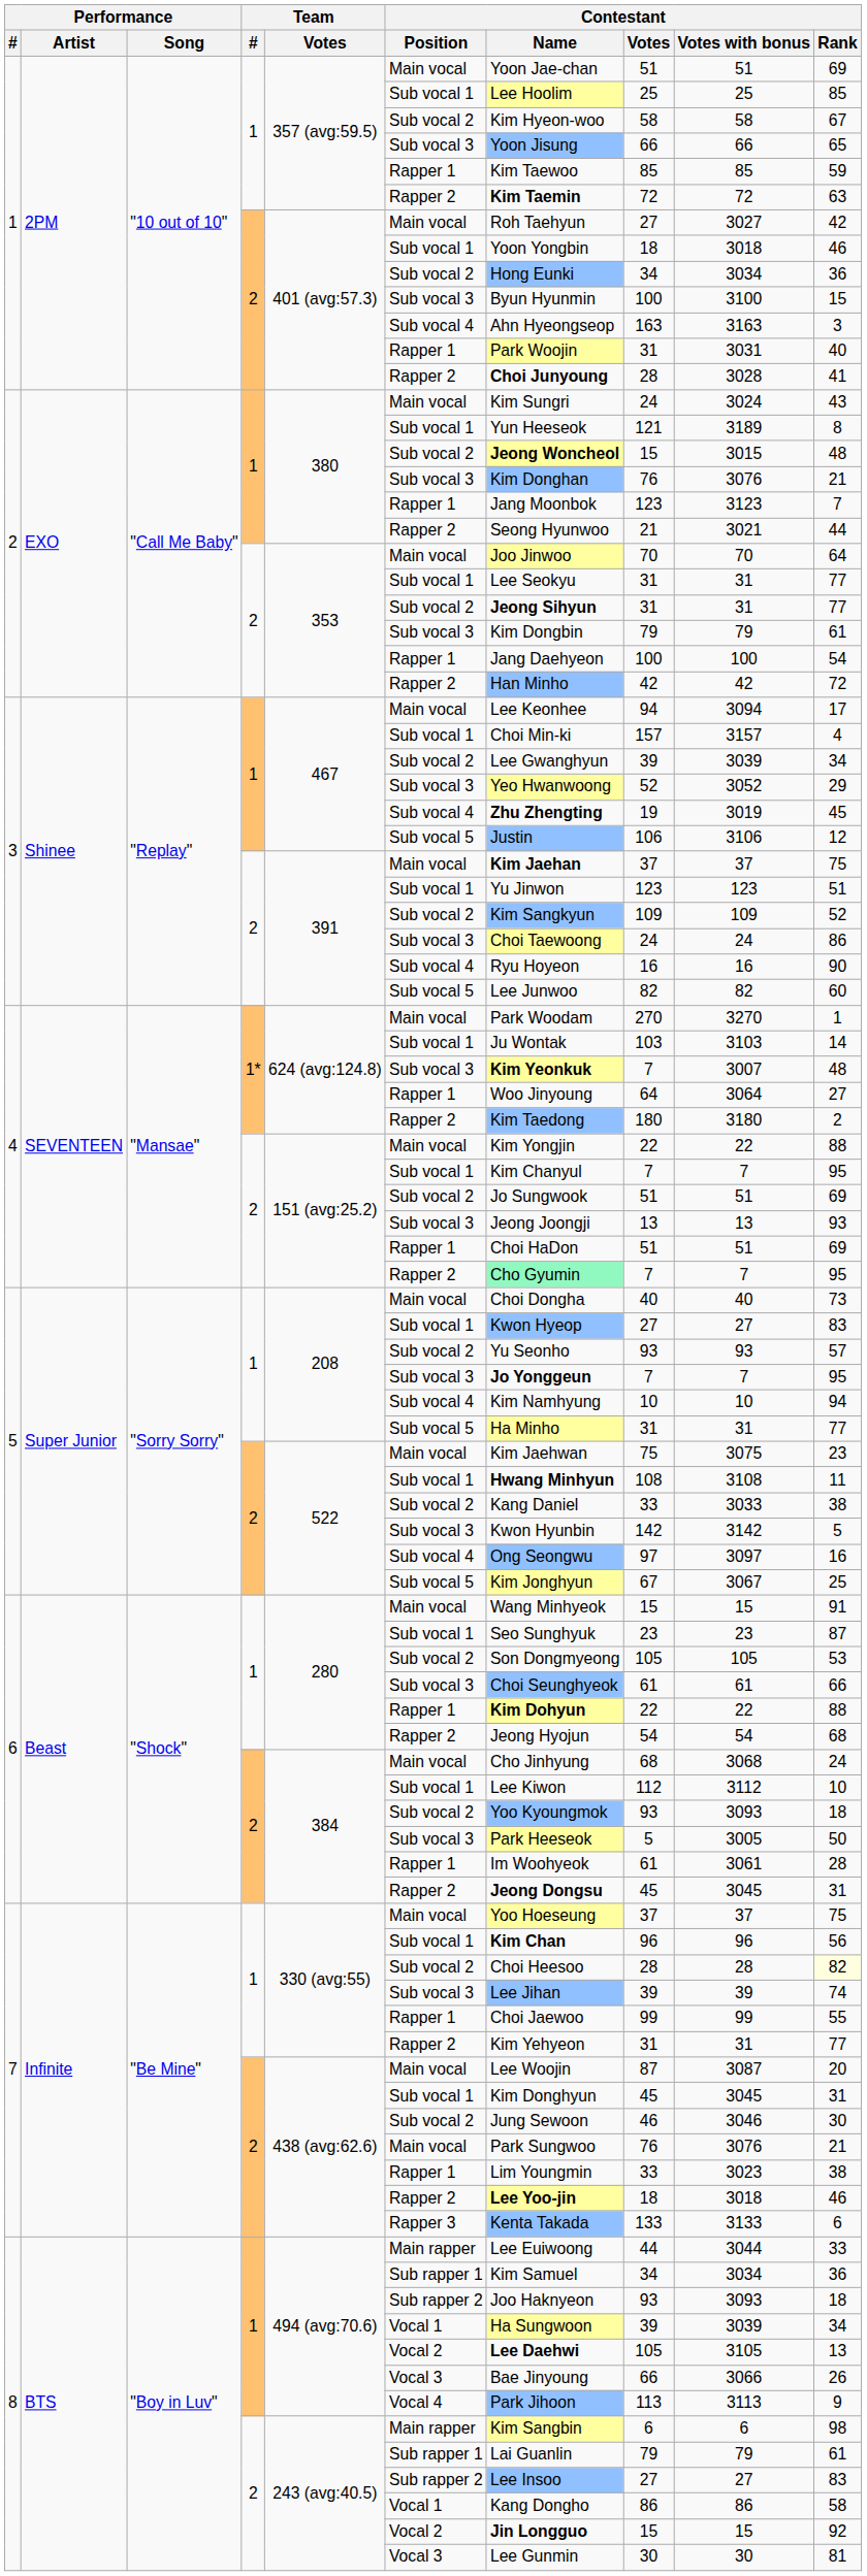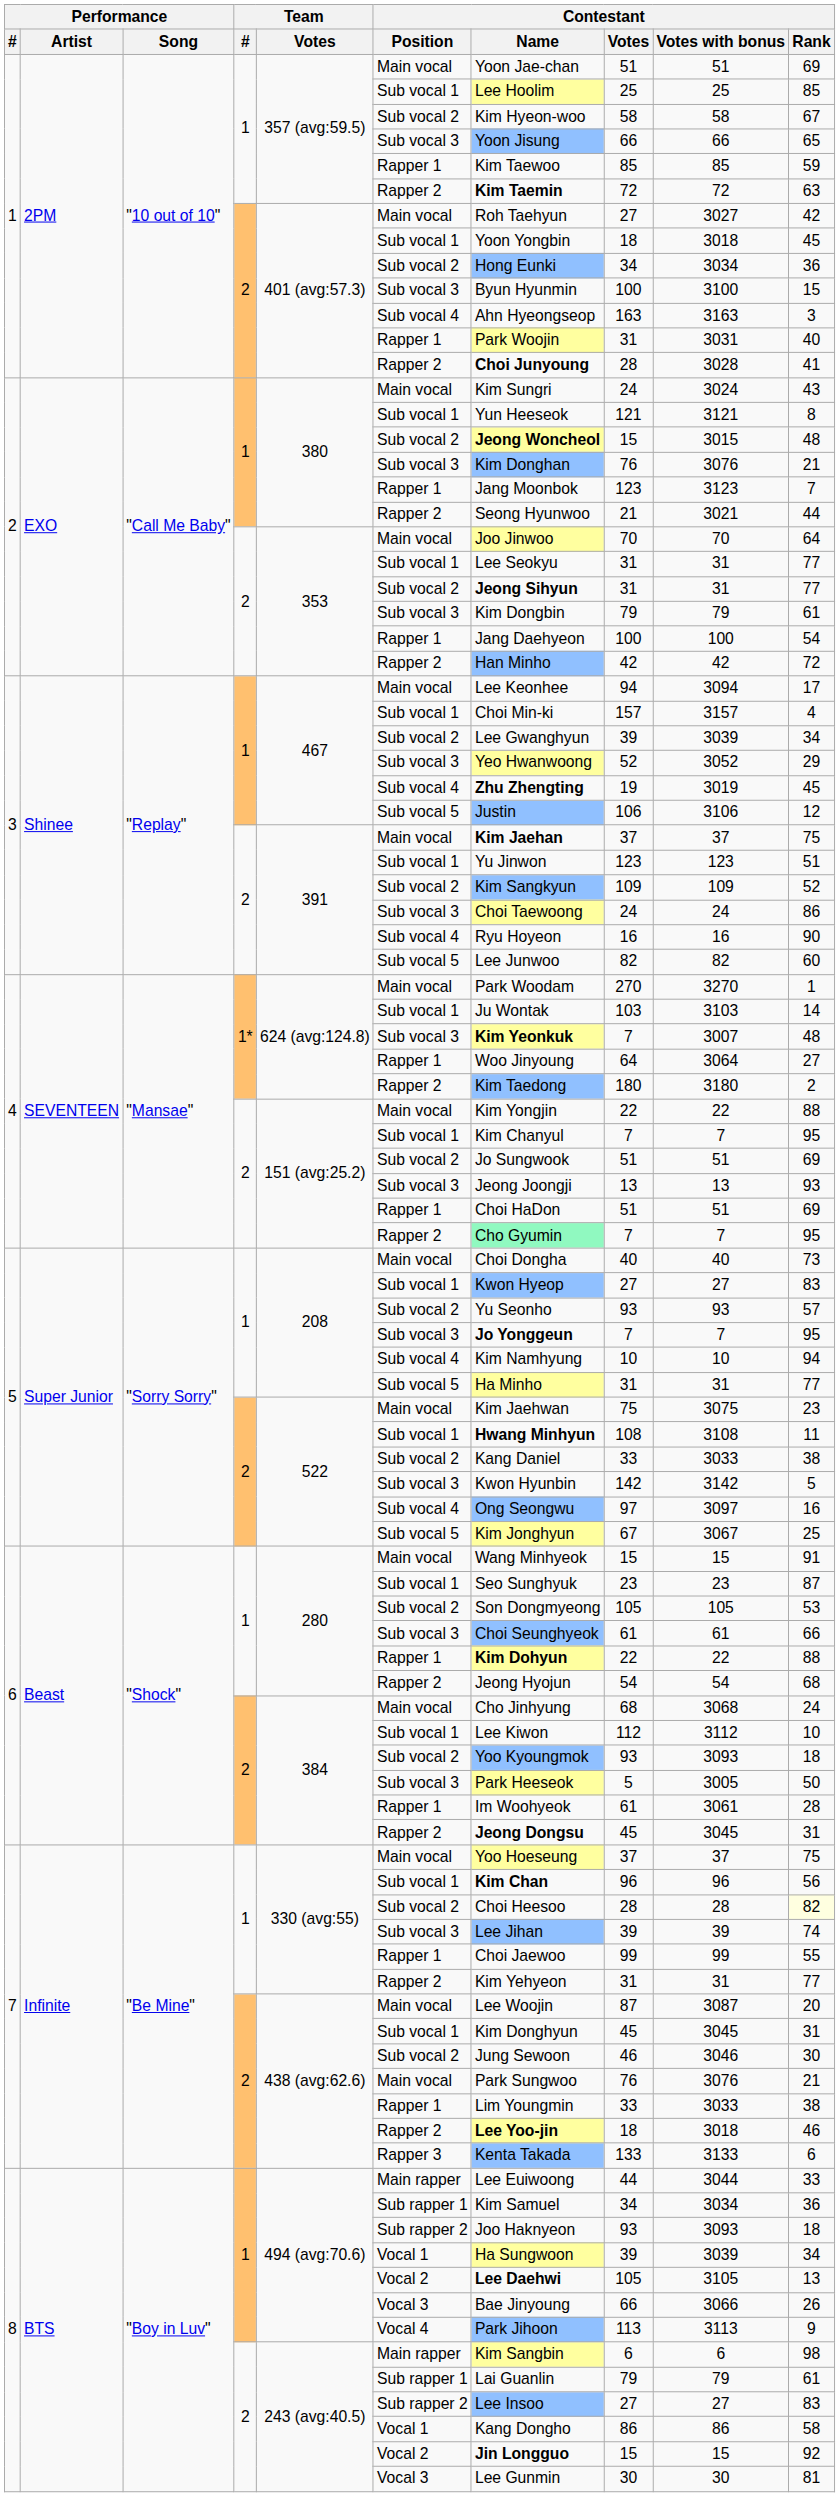 <table class="wikitable sortable" style="text-align:center;">
 <tr>
 <th colspan=3>Performance</th>
 <th colspan=2>Team</th>
 <th colspan=5>Contestant</th>
 </tr>
 <tr>
 <th>#</th>
 <th class=unsortable>Artist</th>
 <th class=unsortable>Song</th>
 <th class=unsortable>#</th>
 <th>Votes</th>
 <th>Position</th>
 <th>Name</th>
 <th>Votes</th>
 <th>Votes with bonus</th>
 <th>Rank</th>
 </tr>
 <tr>
 <td rowspan=13>1</td>
 <td rowspan=13 align=left><a href='#'>2PM</a></td>
 <td rowspan=13 align=left>"<a href='#'>10 out of 10</a>"</td>
 <td rowspan=6>1</td>
 <td rowspan=6>357 (avg:59.5)</td>
 <td align=left>Main vocal</td>
 <td align=left>Yoon Jae-chan</td>
 <td>51</td>
 <td>51</td>
 <td>69</td>
 </tr>
 <tr>
 <td align=left>Sub vocal 1</td>
 <td align=left style=background:#FFFF9F;>Lee Hoolim</td>
 <td>25</td>
 <td>25</td>
 <td>85</td>
 </tr>
 <tr>
 <td align=left>Sub vocal 2</td>
 <td align=left>Kim Hyeon-woo</td>
 <td>58</td>
 <td>58</td>
 <td>67</td>
 </tr>
 <tr>
 <td align=left>Sub vocal 3</td>
 <td align=left style=background:#90C0FF;>Yoon Jisung</td>
 <td>66</td>
 <td>66</td>
 <td>65</td>
 </tr>
 <tr>
 <td align=left>Rapper 1</td>
 <td align=left>Kim Taewoo</td>
 <td>85</td>
 <td>85</td>
 <td>59</td>
 </tr>
 <tr>
 <td align=left>Rapper 2</td>
 <td align=left><strong>Kim Taemin</strong></td>
 <td>72</td>
 <td>72</td>
 <td>63</td>
 </tr>
 <tr>
 <td rowspan=7 style=background:#FFC06F;>2</td>
 <td rowspan=7>401 (avg:57.3)</td>
 <td align=left>Main vocal</td>
 <td align=left>Roh Taehyun</td>
 <td>27</td>
 <td>3027</td>
 <td>42</td>
 </tr>
 <tr>
 <td align=left>Sub vocal 1</td>
 <td align=left>Yoon Yongbin</td>
 <td>18</td>
 <td>3018</td>
-<td>46</td>
+<td>45</td>
 </tr>
 <tr>
 <td align=left>Sub vocal 2</td>
 <td align=left style=background:#90C0FF;>Hong Eunki</td>
 <td>34</td>
 <td>3034</td>
 <td>36</td>
 </tr>
 <tr>
 <td align=left>Sub vocal 3</td>
 <td align=left>Byun Hyunmin</td>
 <td>100</td>
 <td>3100</td>
 <td>15</td>
 </tr>
 <tr>
 <td align=left>Sub vocal 4</td>
 <td align=left>Ahn Hyeongseop</td>
 <td>163</td>
 <td>3163</td>
 <td>3</td>
 </tr>
 <tr>
 <td align=left>Rapper 1</td>
 <td align=left style=background:#FFFF9F;>Park Woojin</td>
 <td>31</td>
 <td>3031</td>
 <td>40</td>
 </tr>
 <tr>
 <td align=left>Rapper 2</td>
 <td align=left><strong>Choi Junyoung</strong></td>
 <td>28</td>
 <td>3028</td>
 <td>41</td>
 </tr>
 <tr>
 <td rowspan=12>2</td>
 <td rowspan=12 align=left><a href='#'>EXO</a></td>
 <td rowspan=12 align=left>"<a href='#'>Call Me Baby</a>"</td>
 <td rowspan=6 style=background:#FFC06F;>1</td>
 <td rowspan=6>380</td>
 <td align=left>Main vocal</td>
 <td align=left>Kim Sungri</td>
 <td>24</td>
 <td>3024</td>
 <td>43</td>
 </tr>
 <tr>
 <td align=left>Sub vocal 1</td>
 <td align=left>Yun Heeseok</td>
 <td>121</td>
-<td>3189</td>
+<td>3121</td>
 <td>8</td>
 </tr>
 <tr>
 <td align=left>Sub vocal 2</td>
 <td align=left style=background:#FFFF9F;><strong>Jeong Woncheol</strong></td>
 <td>15</td>
 <td>3015</td>
 <td>48</td>
 </tr>
 <tr>
 <td align=left>Sub vocal 3</td>
 <td align=left style=background:#90C0FF;>Kim Donghan</td>
 <td>76</td>
 <td>3076</td>
 <td>21</td>
 </tr>
 <tr>
 <td align=left>Rapper 1</td>
 <td align=left>Jang Moonbok</td>
 <td>123</td>
 <td>3123</td>
 <td>7</td>
 </tr>
 <tr>
 <td align=left>Rapper 2</td>
 <td align=left>Seong Hyunwoo</td>
 <td>21</td>
 <td>3021</td>
 <td>44</td>
 </tr>
 <tr>
 <td rowspan=6>2</td>
 <td rowspan=6>353</td>
 <td align=left>Main vocal</td>
 <td align=left style=background:#FFFF9F;>Joo Jinwoo</td>
 <td>70</td>
 <td>70</td>
 <td>64</td>
 </tr>
 <tr>
 <td align=left>Sub vocal 1</td>
 <td align=left>Lee Seokyu</td>
 <td>31</td>
 <td>31</td>
 <td>77</td>
 </tr>
 <tr>
 <td align=left>Sub vocal 2</td>
 <td align=left><strong>Jeong Sihyun</strong></td>
 <td>31</td>
 <td>31</td>
 <td>77</td>
 </tr>
 <tr>
 <td align=left>Sub vocal 3</td>
 <td align=left>Kim Dongbin</td>
 <td>79</td>
 <td>79</td>
 <td>61</td>
 </tr>
 <tr>
 <td align=left>Rapper 1</td>
 <td align=left>Jang Daehyeon</td>
 <td>100</td>
 <td>100</td>
 <td>54</td>
 </tr>
 <tr>
 <td align=left>Rapper 2</td>
 <td align=left style=background:#90C0FF;>Han Minho</td>
 <td>42</td>
 <td>42</td>
 <td>72</td>
 </tr>
 <tr>
 <td rowspan=12>3</td>
 <td rowspan=12 align=left><a href='#'>Shinee</a></td>
 <td rowspan=12 align=left>"<a href='#'>Replay</a>"</td>
 <td rowspan=6 style=background:#FFC06F;>1</td>
 <td rowspan=6>467</td>
 <td align=left>Main vocal</td>
 <td align=left>Lee Keonhee</td>
 <td>94</td>
 <td>3094</td>
 <td>17</td>
 </tr>
 <tr>
 <td align=left>Sub vocal 1</td>
 <td align=left>Choi Min-ki</td>
 <td>157</td>
 <td>3157</td>
 <td>4</td>
 </tr>
 <tr>
 <td align=left>Sub vocal 2</td>
 <td align=left>Lee Gwanghyun</td>
 <td>39</td>
 <td>3039</td>
 <td>34</td>
 </tr>
 <tr>
 <td align=left>Sub vocal 3</td>
 <td align=left style=background:#FFFF9F;>Yeo Hwanwoong</td>
 <td>52</td>
 <td>3052</td>
 <td>29</td>
 </tr>
 <tr>
 <td align=left>Sub vocal 4</td>
 <td align=left><strong>Zhu Zhengting</strong></td>
 <td>19</td>
 <td>3019</td>
 <td>45</td>
 </tr>
 <tr>
 <td align=left>Sub vocal 5</td>
 <td align=left style=background:#90C0FF;>Justin</td>
 <td>106</td>
 <td>3106</td>
 <td>12</td>
 </tr>
 <tr>
 <td rowspan=6>2</td>
 <td rowspan=6>391</td>
 <td align=left>Main vocal</td>
 <td align=left><strong>Kim Jaehan</strong></td>
 <td>37</td>
 <td>37</td>
 <td>75</td>
 </tr>
 <tr>
 <td align=left>Sub vocal 1</td>
 <td align=left>Yu Jinwon</td>
 <td>123</td>
 <td>123</td>
 <td>51</td>
 </tr>
 <tr>
 <td align=left>Sub vocal 2</td>
 <td align=left style=background:#90C0FF;>Kim Sangkyun</td>
 <td>109</td>
 <td>109</td>
 <td>52</td>
 </tr>
 <tr>
 <td align=left>Sub vocal 3</td>
 <td align=left style=background:#FFFF9F;>Choi Taewoong</td>
 <td>24</td>
 <td>24</td>
 <td>86</td>
 </tr>
 <tr>
 <td align=left>Sub vocal 4</td>
 <td align=left>Ryu Hoyeon</td>
 <td>16</td>
 <td>16</td>
 <td>90</td>
 </tr>
 <tr>
 <td align=left>Sub vocal 5</td>
 <td align=left>Lee Junwoo</td>
 <td>82</td>
 <td>82</td>
 <td>60</td>
 </tr>
 <tr>
 <td rowspan=11>4</td>
 <td rowspan=11 align=left><a href='#'>SEVENTEEN</a></td>
 <td rowspan=11 align=left>"<a href='#'>Mansae</a>"</td>
 <td rowspan=5 style=background:#FFC06F;>1*</td>
 <td rowspan=5>624 (avg:124.8)</td>
 <td align=left>Main vocal</td>
 <td align=left>Park Woodam</td>
 <td>270</td>
 <td>3270</td>
 <td>1</td>
 </tr>
 <tr>
 <td align=left>Sub vocal 1</td>
 <td align=left>Ju Wontak</td>
 <td>103</td>
 <td>3103</td>
 <td>14</td>
 </tr>
 <tr>
 <td align=left>Sub vocal 3</td>
 <td align=left style=background:#FFFF9F;><strong>Kim Yeonkuk</strong></td>
 <td>7</td>
 <td>3007</td>
 <td>48</td>
 </tr>
 <tr>
 <td align=left>Rapper 1</td>
 <td align=left>Woo Jinyoung</td>
 <td>64</td>
 <td>3064</td>
 <td>27</td>
 </tr>
 <tr>
 <td align=left>Rapper 2</td>
 <td align=left style=background:#90C0FF;>Kim Taedong</td>
 <td>180</td>
 <td>3180</td>
 <td>2</td>
 </tr>
 <tr>
 <td rowspan=6>2</td>
 <td rowspan=6>151 (avg:25.2)</td>
 <td align=left>Main vocal</td>
 <td align=left>Kim Yongjin</td>
 <td>22</td>
 <td>22</td>
 <td>88</td>
 </tr>
 <tr>
 <td align=left>Sub vocal 1</td>
 <td align=left>Kim Chanyul</td>
 <td>7</td>
 <td>7</td>
 <td>95</td>
 </tr>
 <tr>
 <td align=left>Sub vocal 2</td>
 <td align=left>Jo Sungwook</td>
 <td>51</td>
 <td>51</td>
 <td>69</td>
 </tr>
 <tr>
 <td align=left>Sub vocal 3</td>
 <td align=left>Jeong Joongji</td>
 <td>13</td>
 <td>13</td>
 <td>93</td>
 </tr>
 <tr>
 <td align=left>Rapper 1</td>
 <td align=left>Choi HaDon</td>
 <td>51</td>
 <td>51</td>
 <td>69</td>
 </tr>
 <tr>
 <td align=left>Rapper 2</td>
 <td align=left style=background:#90F9C0;>Cho Gyumin</td>
 <td>7</td>
 <td>7</td>
 <td>95</td>
 </tr>
 <tr>
 <td rowspan=12>5</td>
 <td rowspan=12 align=left><a href='#'>Super Junior</a></td>
 <td rowspan=12 align=left>"<a href='#'>Sorry Sorry</a>"</td>
 <td rowspan=6>1</td>
 <td rowspan=6>208</td>
 <td align=left>Main vocal</td>
 <td align=left>Choi Dongha</td>
 <td>40</td>
 <td>40</td>
 <td>73</td>
 </tr>
 <tr>
 <td align=left>Sub vocal 1</td>
 <td align=left style=background:#90C0FF;>Kwon Hyeop</td>
 <td>27</td>
 <td>27</td>
 <td>83</td>
 </tr>
 <tr>
 <td align=left>Sub vocal 2</td>
 <td align=left>Yu Seonho</td>
 <td>93</td>
 <td>93</td>
 <td>57</td>
 </tr>
 <tr>
 <td align=left>Sub vocal 3</td>
 <td align=left><strong>Jo Yonggeun</strong></td>
 <td>7</td>
 <td>7</td>
 <td>95</td>
 </tr>
 <tr>
 <td align=left>Sub vocal 4</td>
 <td align=left>Kim Namhyung</td>
 <td>10</td>
 <td>10</td>
 <td>94</td>
 </tr>
 <tr>
 <td align=left>Sub vocal 5</td>
 <td align=left style=background:#FFFF9F;>Ha Minho</td>
 <td>31</td>
 <td>31</td>
 <td>77</td>
 </tr>
 <tr>
 <td rowspan=6 style=background:#FFC06F;>2</td>
 <td rowspan=6>522</td>
 <td align=left>Main vocal</td>
 <td align=left>Kim Jaehwan</td>
 <td>75</td>
 <td>3075</td>
 <td>23</td>
 </tr>
 <tr>
 <td align=left>Sub vocal 1</td>
 <td align=left><strong>Hwang Minhyun</strong></td>
 <td>108</td>
 <td>3108</td>
 <td>11</td>
 </tr>
 <tr>
 <td align=left>Sub vocal 2</td>
 <td align=left>Kang Daniel</td>
 <td>33</td>
 <td>3033</td>
 <td>38</td>
 </tr>
 <tr>
 <td align=left>Sub vocal 3</td>
 <td align=left>Kwon Hyunbin</td>
 <td>142</td>
 <td>3142</td>
 <td>5</td>
 </tr>
 <tr>
 <td align=left>Sub vocal 4</td>
 <td align=left style=background:#90C0FF;>Ong Seongwu</td>
 <td>97</td>
 <td>3097</td>
 <td>16</td>
 </tr>
 <tr>
 <td align=left>Sub vocal 5</td>
 <td align=left style=background:#FFFF9F;>Kim Jonghyun</td>
 <td>67</td>
 <td>3067</td>
 <td>25</td>
 </tr>
 <tr>
 <td rowspan=12>6</td>
 <td rowspan=12 align=left><a href='#'>Beast</a></td>
 <td rowspan=12 align=left>"<a href='#'>Shock</a>"</td>
 <td rowspan=6>1</td>
 <td rowspan=6>280</td>
 <td align=left>Main vocal</td>
 <td align=left>Wang Minhyeok</td>
 <td>15</td>
 <td>15</td>
 <td>91</td>
 </tr>
 <tr>
 <td align=left>Sub vocal 1</td>
 <td align=left>Seo Sunghyuk</td>
 <td>23</td>
 <td>23</td>
 <td>87</td>
 </tr>
 <tr>
 <td align=left>Sub vocal 2</td>
 <td align=left>Son Dongmyeong</td>
 <td>105</td>
 <td>105</td>
 <td>53</td>
 </tr>
 <tr>
 <td align=left>Sub vocal 3</td>
 <td align=left style=background:#90C0FF;>Choi Seunghyeok</td>
 <td>61</td>
 <td>61</td>
 <td>66</td>
 </tr>
 <tr>
 <td align=left>Rapper 1</td>
 <td align=left style=background:#FFFF9F;><strong>Kim Dohyun</strong></td>
 <td>22</td>
 <td>22</td>
 <td>88</td>
 </tr>
 <tr>
 <td align=left>Rapper 2</td>
 <td align=left>Jeong Hyojun</td>
 <td>54</td>
 <td>54</td>
 <td>68</td>
 </tr>
 <tr>
 <td rowspan=6 style=background:#FFC06F;>2</td>
 <td rowspan=6>384</td>
 <td align=left>Main vocal</td>
 <td align=left>Cho Jinhyung</td>
 <td>68</td>
 <td>3068</td>
 <td>24</td>
 </tr>
 <tr>
 <td align=left>Sub vocal 1</td>
 <td align=left>Lee Kiwon</td>
 <td>112</td>
 <td>3112</td>
 <td>10</td>
 </tr>
 <tr>
 <td align=left>Sub vocal 2</td>
 <td align=left style=background:#90C0FF;>Yoo Kyoungmok</td>
 <td>93</td>
 <td>3093</td>
 <td>18</td>
 </tr>
 <tr>
 <td align=left>Sub vocal 3</td>
 <td align=left style=background:#FFFF9F;>Park Heeseok</td>
 <td>5</td>
 <td>3005</td>
 <td>50</td>
 </tr>
 <tr>
 <td align=left>Rapper 1</td>
 <td align=left>Im Woohyeok</td>
 <td>61</td>
 <td>3061</td>
 <td>28</td>
 </tr>
 <tr>
 <td align=left>Rapper 2</td>
 <td align=left><strong>Jeong Dongsu</strong></td>
 <td>45</td>
 <td>3045</td>
 <td>31</td>
 </tr>
 <tr>
 <td rowspan=13>7</td>
 <td rowspan=13 align=left><a href='#'>Infinite</a></td>
 <td rowspan=13 align=left>"<a href='#'>Be Mine</a>"</td>
 <td rowspan=6>1</td>
 <td rowspan=6>330 (avg:55)</td>
 <td align=left>Main vocal</td>
 <td align=left style=background:#FFFF9F;>Yoo Hoeseung</td>
 <td>37</td>
 <td>37</td>
 <td>75</td>
 </tr>
 <tr>
 <td align=left>Sub vocal 1</td>
 <td align=left><strong>Kim Chan</strong></td>
 <td>96</td>
 <td>96</td>
 <td>56</td>
 </tr>
 <tr>
 <td align=left>Sub vocal 2</td>
 <td align=left>Choi Heesoo</td>
 <td>28</td>
 <td>28</td>
 <td style="background: lightyellow;">82</td>
 </tr>
 <tr>
 <td align=left>Sub vocal 3</td>
 <td align=left style=background:#90C0FF;>Lee Jihan</td>
 <td>39</td>
 <td>39</td>
 <td>74</td>
 </tr>
 <tr>
 <td align=left>Rapper 1</td>
 <td align=left>Choi Jaewoo</td>
 <td>99</td>
 <td>99</td>
 <td>55</td>
 </tr>
 <tr>
 <td align=left>Rapper 2</td>
 <td align=left>Kim Yehyeon</td>
 <td>31</td>
 <td>31</td>
 <td>77</td>
 </tr>
 <tr>
 <td rowspan=7 style=background:#FFC06F;>2</td>
 <td rowspan=7>438 (avg:62.6)</td>
 <td align=left>Main vocal</td>
 <td align=left>Lee Woojin</td>
 <td>87</td>
 <td>3087</td>
 <td>20</td>
 </tr>
 <tr>
 <td align=left>Sub vocal 1</td>
 <td align=left>Kim Donghyun</td>
 <td>45</td>
 <td>3045</td>
 <td>31</td>
 </tr>
 <tr>
 <td align=left>Sub vocal 2</td>
 <td align=left>Jung Sewoon</td>
 <td>46</td>
 <td>3046</td>
 <td>30</td>
 </tr>
 <tr>
 <td align=left>Main vocal</td>
 <td align=left>Park Sungwoo</td>
 <td>76</td>
 <td>3076</td>
 <td>21</td>
 </tr>
 <tr>
 <td align=left>Rapper 1</td>
 <td align=left>Lim Youngmin</td>
 <td>33</td>
-<td>3023</td>
+<td>3033</td>
 <td>38</td>
 </tr>
 <tr>
 <td align=left>Rapper 2</td>
 <td align=left style=background:#FFFF9F;><strong>Lee Yoo-jin</strong></td>
 <td>18</td>
 <td>3018</td>
 <td>46</td>
 </tr>
 <tr>
 <td align=left>Rapper 3</td>
 <td align=left style=background:#90C0FF;>Kenta Takada</td>
 <td>133</td>
 <td>3133</td>
 <td>6</td>
 </tr>
 <tr>
 <td rowspan=13>8</td>
 <td rowspan=13 align=left><a href='#'>BTS</a></td>
 <td rowspan=13 align=left>"<a href='#'>Boy in Luv</a>"</td>
 <td rowspan=7 style=background:#FFC06F;>1</td>
 <td rowspan=7>494 (avg:70.6)</td>
 <td align=left>Main rapper</td>
 <td align=left>Lee Euiwoong</td>
 <td>44</td>
 <td>3044</td>
 <td>33</td>
 </tr>
 <tr>
 <td align=left>Sub rapper 1</td>
 <td align=left>Kim Samuel</td>
 <td>34</td>
 <td>3034</td>
 <td>36</td>
 </tr>
 <tr>
 <td align=left>Sub rapper 2</td>
 <td align=left>Joo Haknyeon</td>
 <td>93</td>
 <td>3093</td>
 <td>18</td>
 </tr>
 <tr>
 <td align=left>Vocal 1</td>
 <td align=left style=background:#FFFF9F;>Ha Sungwoon</td>
 <td>39</td>
 <td>3039</td>
 <td>34</td>
 </tr>
 <tr>
 <td align=left>Vocal 2</td>
 <td align=left><strong>Lee Daehwi</strong></td>
 <td>105</td>
 <td>3105</td>
 <td>13</td>
 </tr>
 <tr>
 <td align=left>Vocal 3</td>
 <td align=left>Bae Jinyoung</td>
 <td>66</td>
 <td>3066</td>
 <td>26</td>
 </tr>
 <tr>
 <td align=left>Vocal 4</td>
 <td align=left style=background:#90C0FF;>Park Jihoon</td>
 <td>113</td>
 <td>3113</td>
 <td>9</td>
 </tr>
 <tr>
 <td rowspan=6>2</td>
 <td rowspan=6>243 (avg:40.5)</td>
 <td align=left>Main rapper</td>
 <td align=left style=background:#FFFF9F;>Kim Sangbin</td>
 <td>6</td>
 <td>6</td>
 <td>98</td>
 </tr>
 <tr>
 <td align=left>Sub rapper 1</td>
 <td align=left>Lai Guanlin</td>
 <td>79</td>
 <td>79</td>
 <td>61</td>
 </tr>
 <tr>
 <td align=left>Sub rapper 2</td>
 <td align=left style=background:#90C0FF;>Lee Insoo</td>
 <td>27</td>
 <td>27</td>
 <td>83</td>
 </tr>
 <tr>
 <td align=left>Vocal 1</td>
 <td align=left>Kang Dongho</td>
 <td>86</td>
 <td>86</td>
 <td>58</td>
 </tr>
 <tr>
 <td align=left>Vocal 2</td>
 <td align=left><strong>Jin Longguo</strong></td>
 <td>15</td>
 <td>15</td>
 <td>92</td>
 </tr>
 <tr>
 <td align=left>Vocal 3</td>
 <td align=left>Lee Gunmin</td>
 <td>30</td>
 <td>30</td>
 <td>81</td>
 </tr>
 </table>
